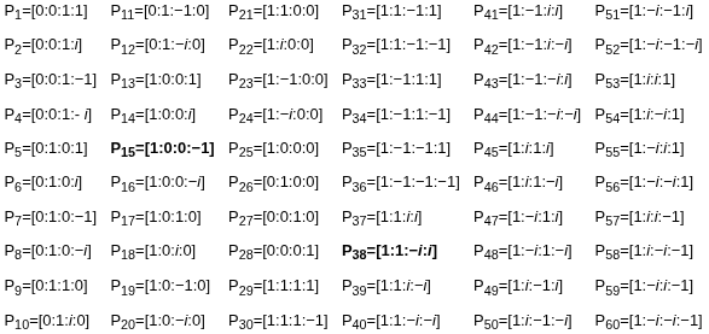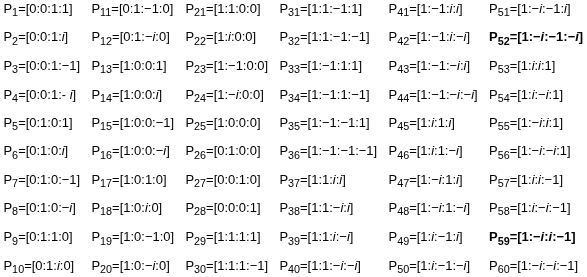 <table cellpadding="6">
 <tr>
 <td>P<sub>1</sub>=[0:0:1:1]</td>
 <td>P<sub>11</sub>=[0:1:−1:0]</td>
 <td>P<sub>21</sub>=[1:1:0:0]</td>
 <td>P<sub>31</sub>=[1:1:−1:1]</td>
 <td>P<sub>41</sub>=[1:−1:<em>i</em>:<em>i</em>]</td>
 <td>P<sub>51</sub>=[1:−<em>i</em>:−1:<em>i</em>]</td>
 </tr>
 <tr>
 <td>P<sub>2</sub>=[0:0:1:<em>i</em>]</td>
 <td>P<sub>12</sub>=[0:1:−<em>i</em>:0]</td>
 <td>P<sub>22</sub>=[1:<em>i</em>:0:0]</td>
 <td>P<sub>32</sub>=[1:1:−1:−1]</td>
 <td>P<sub>42</sub>=[1:−1:<em>i</em>:−<em>i</em>]</td>
-<td>P<sub>52</sub>=[1:−<em>i</em>:−1:−<em>i</em>]</td>
+<td><strong>P<sub>52</sub>=[1:−<em>i</em>:−1:−<em>i</em>]</strong></td>
 </tr>
 <tr>
 <td>P<sub>3</sub>=[0:0:1:−1]</td>
 <td>P<sub>13</sub>=[1:0:0:1]</td>
 <td>P<sub>23</sub>=[1:−1:0:0]</td>
 <td>P<sub>33</sub>=[1:−1:1:1]</td>
 <td>P<sub>43</sub>=[1:−1:−<em>i</em>:<em>i</em>]</td>
 <td>P<sub>53</sub>=[1:<em>i</em>:<em>i</em>:1]</td>
 </tr>
 <tr>
 <td>P<sub>4</sub>=[0:0:1:- <em>i</em>]</td>
 <td>P<sub>14</sub>=[1:0:0:<em>i</em>]</td>
 <td>P<sub>24</sub>=[1:−<em>i</em>:0:0]</td>
 <td>P<sub>34</sub>=[1:−1:1:−1]</td>
 <td>P<sub>44</sub>=[1:−1:−<em>i</em>:−<em>i</em>]</td>
 <td>P<sub>54</sub>=[1:<em>i</em>:−<em>i</em>:1]</td>
 </tr>
 <tr>
 <td>P<sub>5</sub>=[0:1:0:1]</td>
-<td><strong>P<sub>15</sub>=[1:0:0:−1]</strong></td>
+<td>P<sub>15</sub>=[1:0:0:−1]</td>
 <td>P<sub>25</sub>=[1:0:0:0]</td>
 <td>P<sub>35</sub>=[1:−1:−1:1]</td>
 <td>P<sub>45</sub>=[1:<em>i</em>:1:<em>i</em>]</td>
 <td>P<sub>55</sub>=[1:−<em>i</em>:<em>i</em>:1]</td>
 </tr>
 <tr>
 <td>P<sub>6</sub>=[0:1:0:<em>i</em>]</td>
 <td>P<sub>16</sub>=[1:0:0:−<em>i</em>]</td>
 <td>P<sub>26</sub>=[0:1:0:0]</td>
 <td>P<sub>36</sub>=[1:−1:−1:−1]</td>
 <td>P<sub>46</sub>=[1:<em>i</em>:1:−<em>i</em>]</td>
 <td>P<sub>56</sub>=[1:−<em>i</em>:−<em>i</em>:1]</td>
 </tr>
 <tr>
 <td>P<sub>7</sub>=[0:1:0:−1]</td>
 <td>P<sub>17</sub>=[1:0:1:0]</td>
 <td>P<sub>27</sub>=[0:0:1:0]</td>
 <td>P<sub>37</sub>=[1:1:<em>i</em>:<em>i</em>]</td>
 <td>P<sub>47</sub>=[1:−<em>i</em>:1:<em>i</em>]</td>
 <td>P<sub>57</sub>=[1:<em>i</em>:<em>i</em>:−1]</td>
 </tr>
 <tr>
 <td>P<sub>8</sub>=[0:1:0:−<em>i</em>]</td>
 <td>P<sub>18</sub>=[1:0:<em>i</em>:0]</td>
 <td>P<sub>28</sub>=[0:0:0:1]</td>
-<td><strong>P<sub>38</sub>=[1:1:−<em>i</em>:<em>i</em>]</strong></td>
+<td>P<sub>38</sub>=[1:1:−<em>i</em>:<em>i</em>]</td>
 <td>P<sub>48</sub>=[1:−<em>i</em>:1:−<em>i</em>]</td>
 <td>P<sub>58</sub>=[1:<em>i</em>:−<em>i</em>:−1]</td>
 </tr>
 <tr>
 <td>P<sub>9</sub>=[0:1:1:0]</td>
 <td>P<sub>19</sub>=[1:0:−1:0]</td>
 <td>P<sub>29</sub>=[1:1:1:1]</td>
 <td>P<sub>39</sub>=[1:1:<em>i</em>:−<em>i</em>]</td>
 <td>P<sub>49</sub>=[1:<em>i</em>:−1:<em>i</em>]</td>
-<td>P<sub>59</sub>=[1:−<em>i</em>:<em>i</em>:−1]</td>
+<td><strong>P<sub>59</sub>=[1:−<em>i</em>:<em>i</em>:−1]</strong></td>
 </tr>
 <tr>
 <td>P<sub>10</sub>=[0:1:<em>i</em>:0]</td>
 <td>P<sub>20</sub>=[1:0:−<em>i</em>:0]</td>
 <td>P<sub>30</sub>=[1:1:1:−1]</td>
 <td>P<sub>40</sub>=[1:1:−<em>i</em>:−<em>i</em>]</td>
 <td>P<sub>50</sub>=[1:<em>i</em>:−1:−<em>i</em>]</td>
 <td>P<sub>60</sub>=[1:−<em>i</em>:−<em>i</em>:−1]</td>
 </tr>
 </table>
